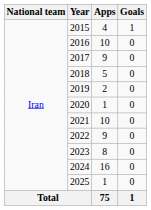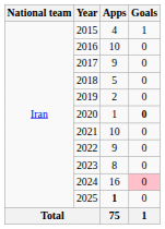 <table class="wikitable" style="text-align:center">
 <tr>
 <th>National team</th>
 <th>Year</th>
 <th>Apps</th>
 <th>Goals</th>
 </tr>
 <tr>
 <td rowspan="11"><a href='#'>Iran</a></td>
 <td>2015</td>
 <td>4</td>
 <td>1</td>
 </tr>
 <tr>
 <td>2016</td>
 <td>10</td>
 <td>0</td>
 </tr>
 <tr>
 <td>2017</td>
 <td>9</td>
 <td>0</td>
 </tr>
 <tr>
 <td>2018</td>
 <td>5</td>
 <td>0</td>
 </tr>
 <tr>
 <td>2019</td>
 <td>2</td>
 <td>0</td>
 </tr>
 <tr>
 <td>2020</td>
 <td>1</td>
-<td>0</td>
+<td><strong>0</strong></td>
 </tr>
 <tr>
 <td>2021</td>
 <td>10</td>
 <td>0</td>
 </tr>
 <tr>
 <td>2022</td>
 <td>9</td>
 <td>0</td>
 </tr>
 <tr>
 <td>2023</td>
 <td>8</td>
 <td>0</td>
 </tr>
 <tr>
 <td>2024</td>
 <td>16</td>
-<td>0</td>
+<td style="background: pink;">0</td>
 </tr>
 <tr>
 <td>2025</td>
-<td>1</td>
+<td><strong>1</strong></td>
 <td>0</td>
 </tr>
 <tr>
 <th colspan="2">Total</th>
 <th>75</th>
 <th>1</th>
 </tr>
 </table>
